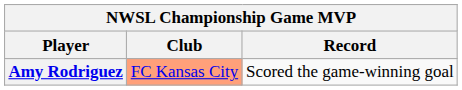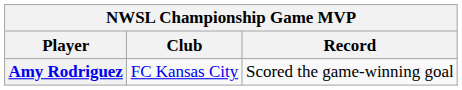 <table class="wikitable">
 <tr>
 <th colspan=3>NWSL Championship Game MVP</th>
 </tr>
 <tr>
 <th>Player</th>
 <th>Club</th>
 <th>Record</th>
 </tr>
 <tr>
 <th> <a href='#'>Amy Rodriguez</a></th>
-<td style="background: lightsalmon;"><a href='#'>FC Kansas City</a></td>
+<td><a href='#'>FC Kansas City</a></td>
 <td>Scored the game-winning goal</td>
 </tr>
 </table>
